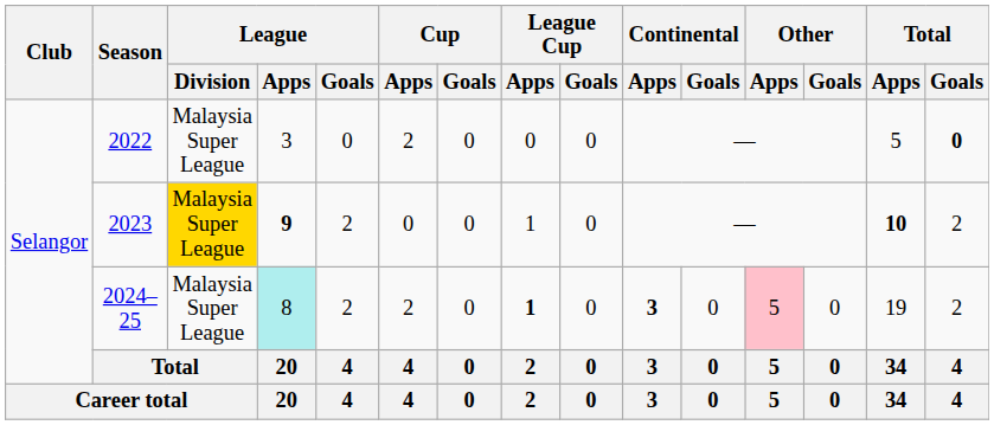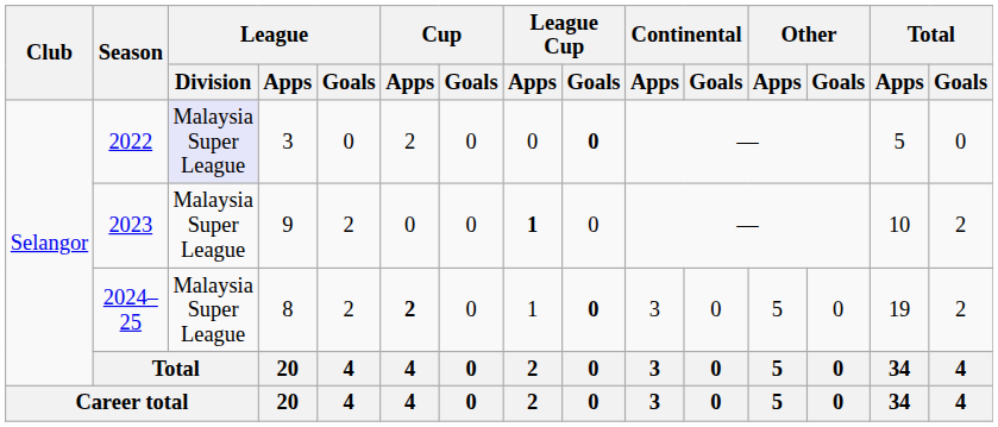 <table class="wikitable" style="text-align: center;">
 <tr>
 <th rowspan="2">Club</th>
 <th rowspan="2">Season</th>
 <th colspan="3">League</th>
 <th colspan="2">Cup</th>
 <th colspan="2">League Cup</th>
 <th colspan="2">Continental</th>
 <th colspan="2">Other</th>
 <th colspan="2">Total</th>
 </tr>
 <tr>
 <th>Division</th>
 <th>Apps</th>
 <th>Goals</th>
 <th>Apps</th>
 <th>Goals</th>
 <th>Apps</th>
 <th>Goals</th>
 <th>Apps</th>
 <th>Goals</th>
 <th>Apps</th>
 <th>Goals</th>
 <th>Apps</th>
 <th>Goals</th>
 </tr>
 <tr>
 <td rowspan="4" valign="center"><a href='#'>Selangor</a></td>
 <td><a href='#'>2022</a></td>
-<td>Malaysia Super League</td>
+<td style="background: lavender;">Malaysia Super League</td>
 <td>3</td>
 <td>0</td>
 <td>2</td>
 <td>0</td>
 <td>0</td>
-<td>0</td>
+<td><strong>0</strong></td>
 <td colspan=4>—</td>
 <td>5</td>
-<td><strong>0</strong></td>
+<td>0</td>
 </tr>
 <tr>
 <td><a href='#'>2023</a></td>
-<td style="background: gold;">Malaysia Super League</td>
-<td><strong>9</strong></td>
+<td>Malaysia Super League</td>
+<td>9</td>
 <td>2</td>
 <td>0</td>
 <td>0</td>
-<td>1</td>
+<td><strong>1</strong></td>
 <td>0</td>
 <td colspan=4>—</td>
-<td><strong>10</strong></td>
+<td>10</td>
 <td>2</td>
 </tr>
 <tr>
 <td><a href='#'>2024–25</a></td>
 <td>Malaysia Super League</td>
-<td style="background: paleturquoise;">8</td>
+<td>8</td>
 <td>2</td>
-<td>2</td>
+<td><strong>2</strong></td>
 <td>0</td>
-<td><strong>1</strong></td>
+<td>1</td>
+<td><strong>0</strong></td>
+<td>3</td>
 <td>0</td>
-<td><strong>3</strong></td>
-<td>0</td>
-<td style="background: pink;">5</td>
+<td>5</td>
 <td>0</td>
 <td>19</td>
 <td>2</td>
 </tr>
 <tr>
 <th colspan="2">Total</th>
 <th>20</th>
 <th>4</th>
 <th>4</th>
 <th>0</th>
 <th>2</th>
 <th>0</th>
 <th>3</th>
 <th>0</th>
 <th>5</th>
 <th>0</th>
 <th>34</th>
 <th>4</th>
 </tr>
 <tr>
 <th colspan="3">Career total</th>
 <th>20</th>
 <th>4</th>
 <th>4</th>
 <th>0</th>
 <th>2</th>
 <th>0</th>
 <th>3</th>
 <th>0</th>
 <th>5</th>
 <th>0</th>
 <th>34</th>
 <th>4</th>
 </tr>
 </table>
